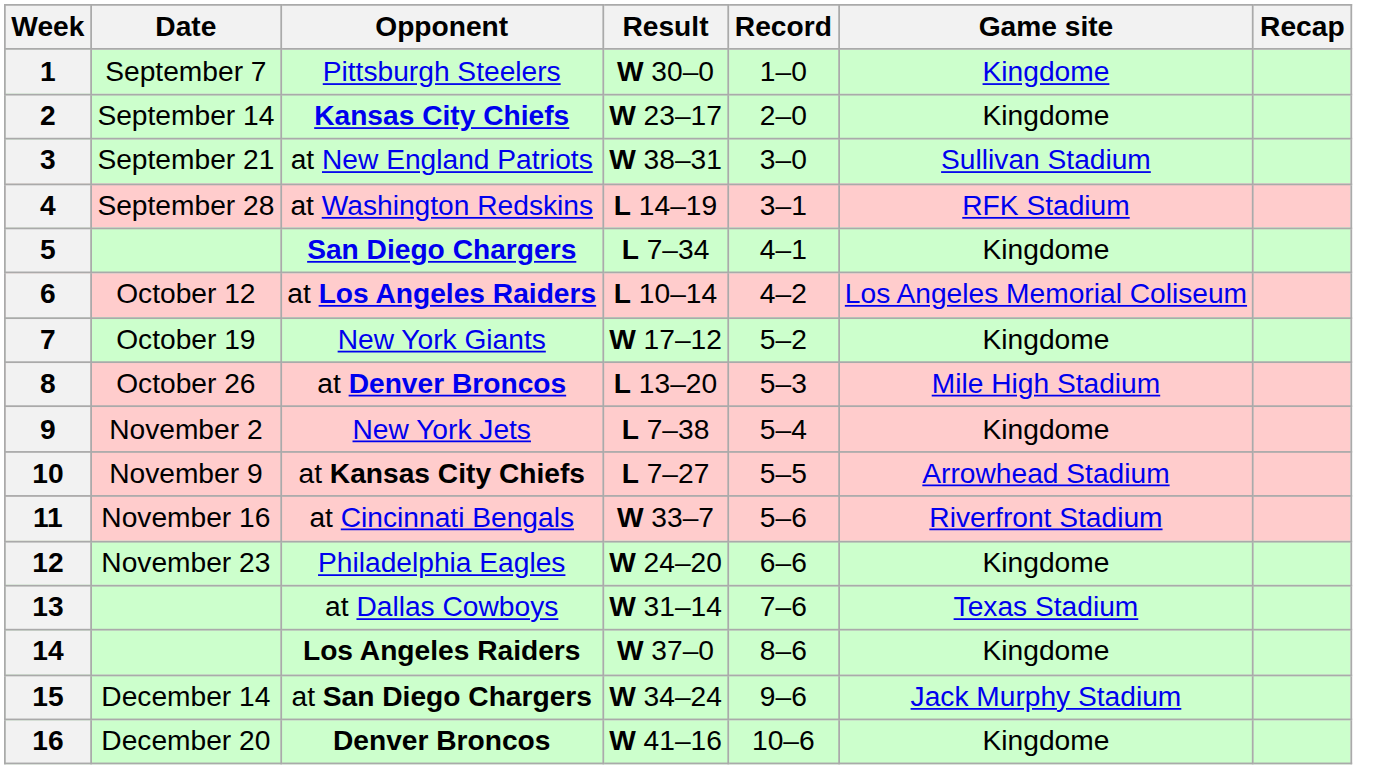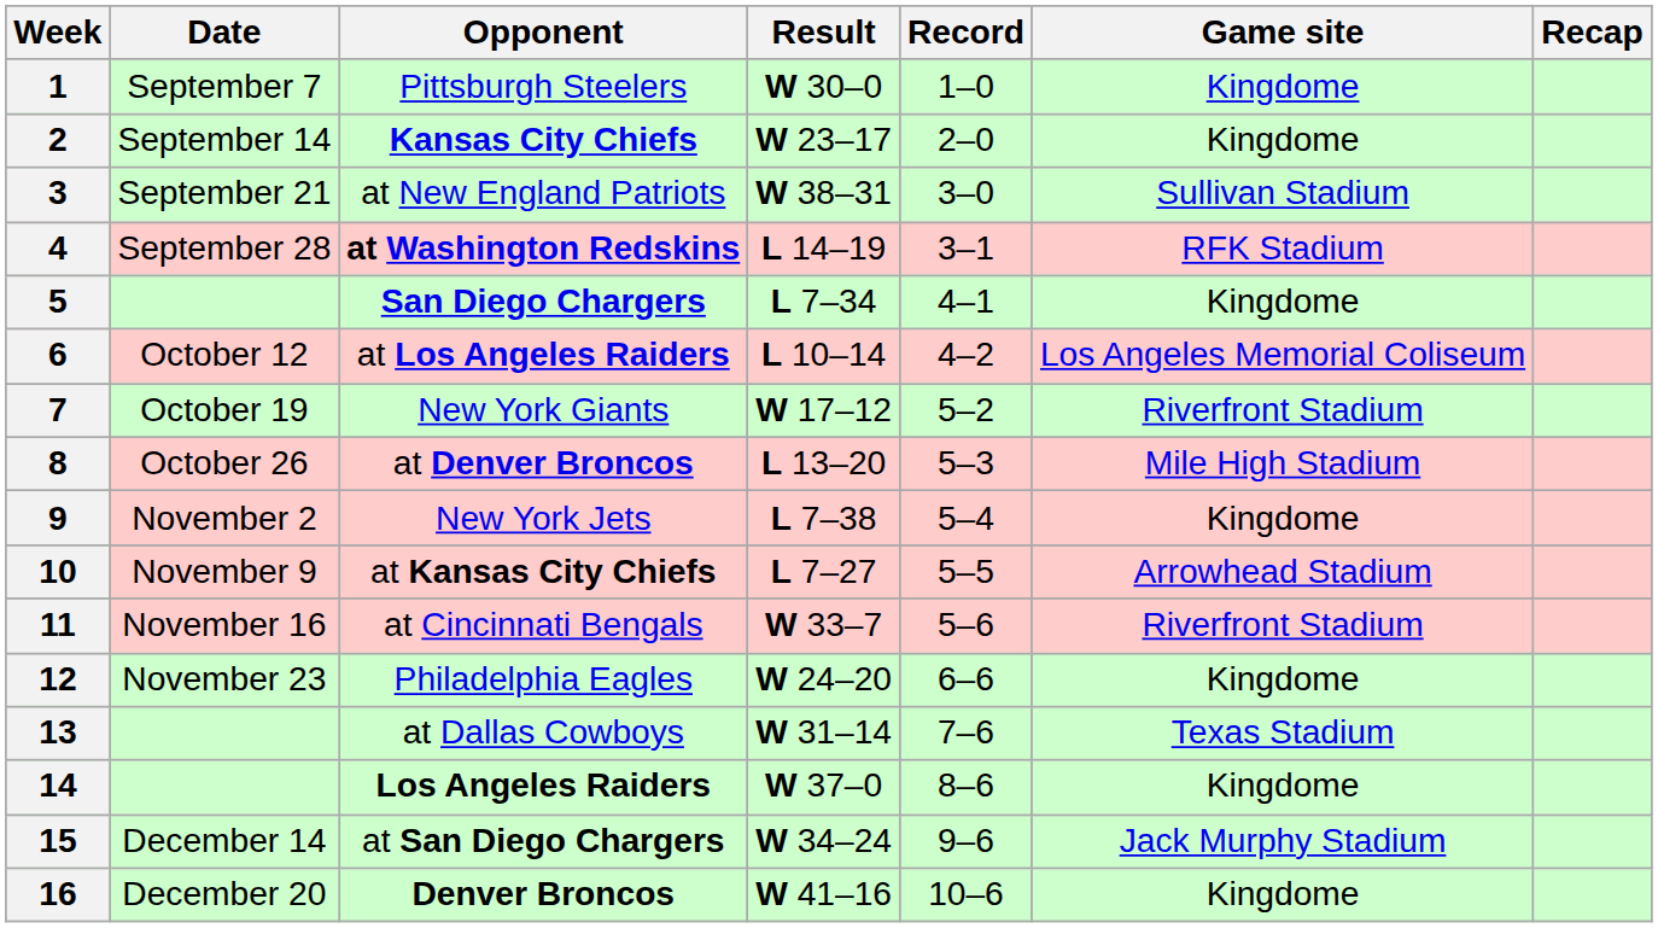 <table class="wikitable" style="text-align:center">
 <tr>
 <th>Week</th>
 <th>Date</th>
 <th>Opponent</th>
 <th>Result</th>
 <th>Record</th>
 <th>Game site</th>
 <th>Recap</th>
 </tr>
 <tr style="background:#cfc">
 <th>1</th>
 <td>September 7</td>
 <td><a href='#'>Pittsburgh Steelers</a></td>
 <td><strong>W</strong> 30–0</td>
 <td>1–0</td>
 <td><a href='#'>Kingdome</a></td>
 <td></td>
 </tr>
 <tr style="background:#cfc">
 <th>2</th>
 <td>September 14</td>
 <td><strong><a href='#'>Kansas City Chiefs</a></strong></td>
 <td><strong>W</strong> 23–17</td>
 <td>2–0</td>
 <td>Kingdome</td>
 <td></td>
 </tr>
 <tr style="background:#cfc">
 <th>3</th>
 <td>September 21</td>
 <td>at <a href='#'>New England Patriots</a></td>
 <td><strong>W</strong> 38–31</td>
 <td>3–0</td>
 <td><a href='#'>Sullivan Stadium</a></td>
 <td></td>
 </tr>
 <tr style="background:#fcc">
 <th>4</th>
 <td>September 28</td>
-<td>at <a href='#'>Washington Redskins</a></td>
+<td><strong>at <a href='#'>Washington Redskins</a></strong></td>
 <td><strong>L</strong> 14–19</td>
 <td>3–1</td>
 <td><a href='#'>RFK Stadium</a></td>
 <td></td>
 </tr>
 <tr style="background:#cfc">
 <th>5</th>
 <td></td>
 <td><strong><a href='#'>San Diego Chargers</a></strong></td>
 <td><strong>L</strong> 7–34</td>
 <td>4–1</td>
 <td>Kingdome</td>
 <td></td>
 </tr>
 <tr style="background:#fcc">
 <th>6</th>
 <td>October 12</td>
 <td>at <strong><a href='#'>Los Angeles Raiders</a></strong></td>
 <td><strong>L</strong> 10–14</td>
 <td>4–2</td>
 <td><a href='#'>Los Angeles Memorial Coliseum</a></td>
 <td></td>
 </tr>
 <tr style="background:#cfc">
 <th>7</th>
 <td>October 19</td>
 <td><a href='#'>New York Giants</a></td>
 <td><strong>W</strong> 17–12</td>
 <td>5–2</td>
-<td>Kingdome</td>
+<td><a href='#'>Riverfront Stadium</a></td>
 <td></td>
 </tr>
 <tr style="background:#fcc">
 <th>8</th>
 <td>October 26</td>
 <td>at <strong><a href='#'>Denver Broncos</a></strong></td>
 <td><strong>L</strong> 13–20</td>
 <td>5–3</td>
 <td><a href='#'>Mile High Stadium</a></td>
 <td></td>
 </tr>
 <tr style="background:#fcc">
 <th>9</th>
 <td>November 2</td>
 <td><a href='#'>New York Jets</a></td>
 <td><strong>L</strong> 7–38</td>
 <td>5–4</td>
 <td>Kingdome</td>
 <td></td>
 </tr>
 <tr style="background:#fcc">
 <th>10</th>
 <td>November 9</td>
 <td>at <strong>Kansas City Chiefs</strong></td>
 <td><strong>L</strong> 7–27</td>
 <td>5–5</td>
 <td><a href='#'>Arrowhead Stadium</a></td>
 <td></td>
 </tr>
 <tr style="background:#fcc">
 <th>11</th>
 <td>November 16</td>
 <td>at <a href='#'>Cincinnati Bengals</a></td>
 <td><strong>W</strong> 33–7</td>
 <td>5–6</td>
 <td><a href='#'>Riverfront Stadium</a></td>
 <td></td>
 </tr>
 <tr style="background:#cfc">
 <th>12</th>
 <td>November 23</td>
 <td><a href='#'>Philadelphia Eagles</a></td>
 <td><strong>W</strong> 24–20</td>
 <td>6–6</td>
 <td>Kingdome</td>
 <td></td>
 </tr>
 <tr style="background:#cfc">
 <th>13</th>
 <td></td>
 <td>at <a href='#'>Dallas Cowboys</a></td>
 <td><strong>W</strong> 31–14</td>
 <td>7–6</td>
 <td><a href='#'>Texas Stadium</a></td>
 <td></td>
 </tr>
 <tr style="background:#cfc">
 <th>14</th>
 <td></td>
 <td><strong>Los Angeles Raiders</strong></td>
 <td><strong>W</strong> 37–0</td>
 <td>8–6</td>
 <td>Kingdome</td>
 <td></td>
 </tr>
 <tr style="background:#cfc">
 <th>15</th>
 <td>December 14</td>
 <td>at <strong>San Diego Chargers</strong></td>
 <td><strong>W</strong> 34–24</td>
 <td>9–6</td>
 <td><a href='#'>Jack Murphy Stadium</a></td>
 <td></td>
 </tr>
 <tr style="background:#cfc">
 <th>16</th>
 <td>December 20</td>
 <td><strong>Denver Broncos</strong></td>
 <td><strong>W</strong> 41–16</td>
 <td>10–6</td>
 <td>Kingdome</td>
 <td></td>
 </tr>
 </table>
